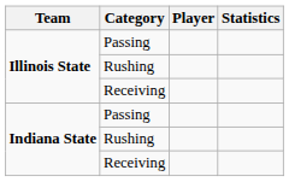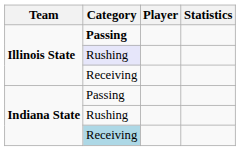 <table class="wikitable" style="float: right;">
 <tr>
 <th>Team</th>
 <th>Category</th>
 <th>Player</th>
 <th>Statistics</th>
 </tr>
 <tr>
 <td rowspan=3><strong>Illinois State</strong></td>
-<td>Passing</td>
+<td><strong>Passing</strong></td>
 <td></td>
 <td></td>
 </tr>
 <tr>
-<td>Rushing</td>
+<td style="background: lavender;">Rushing</td>
 <td></td>
 <td></td>
 </tr>
 <tr>
 <td>Receiving</td>
 <td></td>
 <td></td>
 </tr>
 <tr>
 <td rowspan=3><strong>Indiana State</strong></td>
 <td>Passing</td>
 <td></td>
 <td></td>
 </tr>
 <tr>
 <td>Rushing</td>
 <td></td>
 <td></td>
 </tr>
 <tr>
-<td>Receiving</td>
+<td style="background: lightblue;">Receiving</td>
 <td></td>
 <td></td>
 </tr>
 </table>
